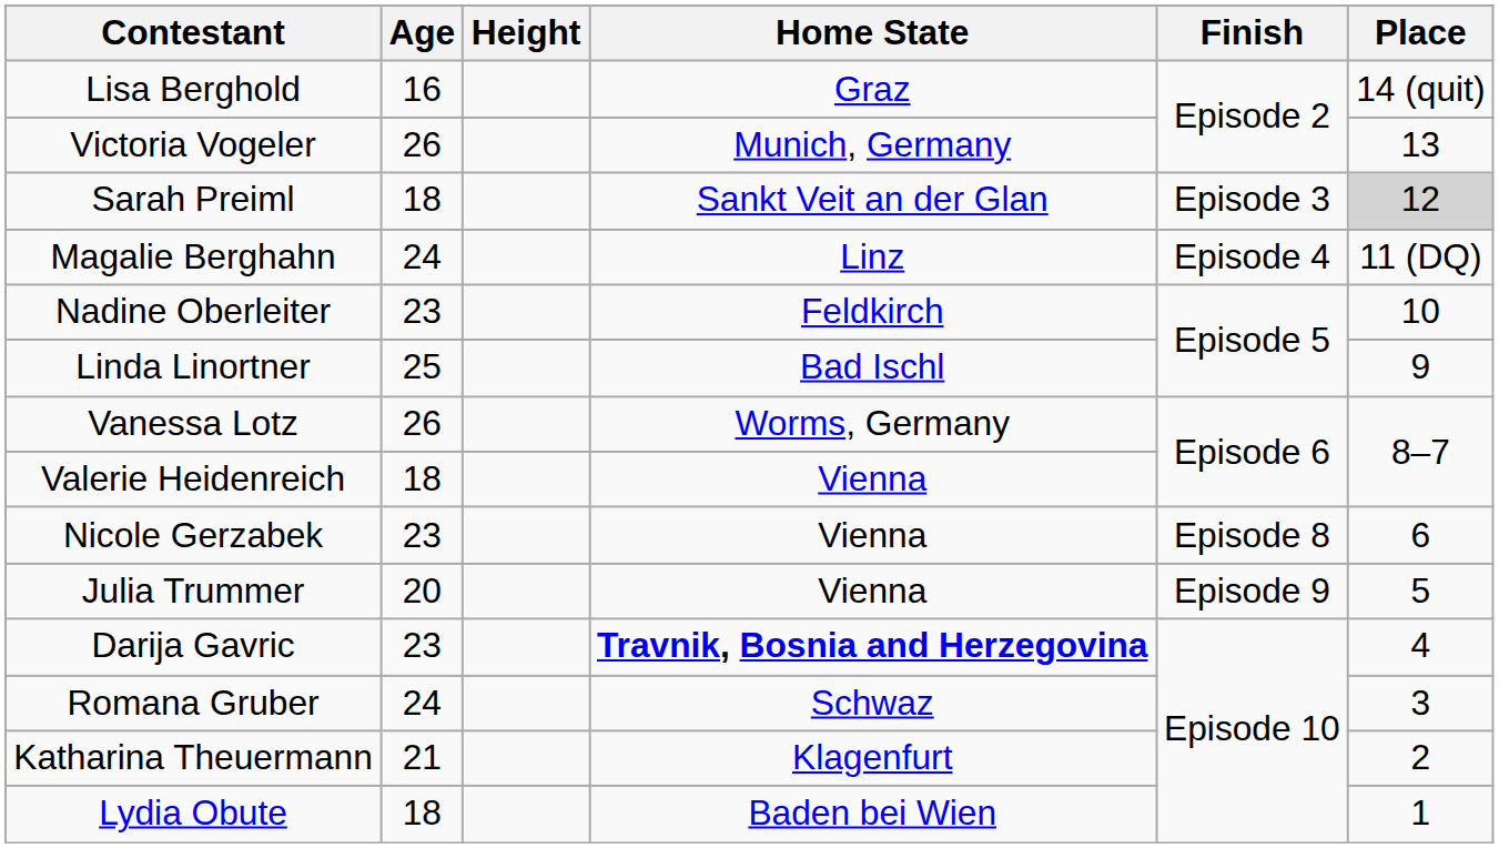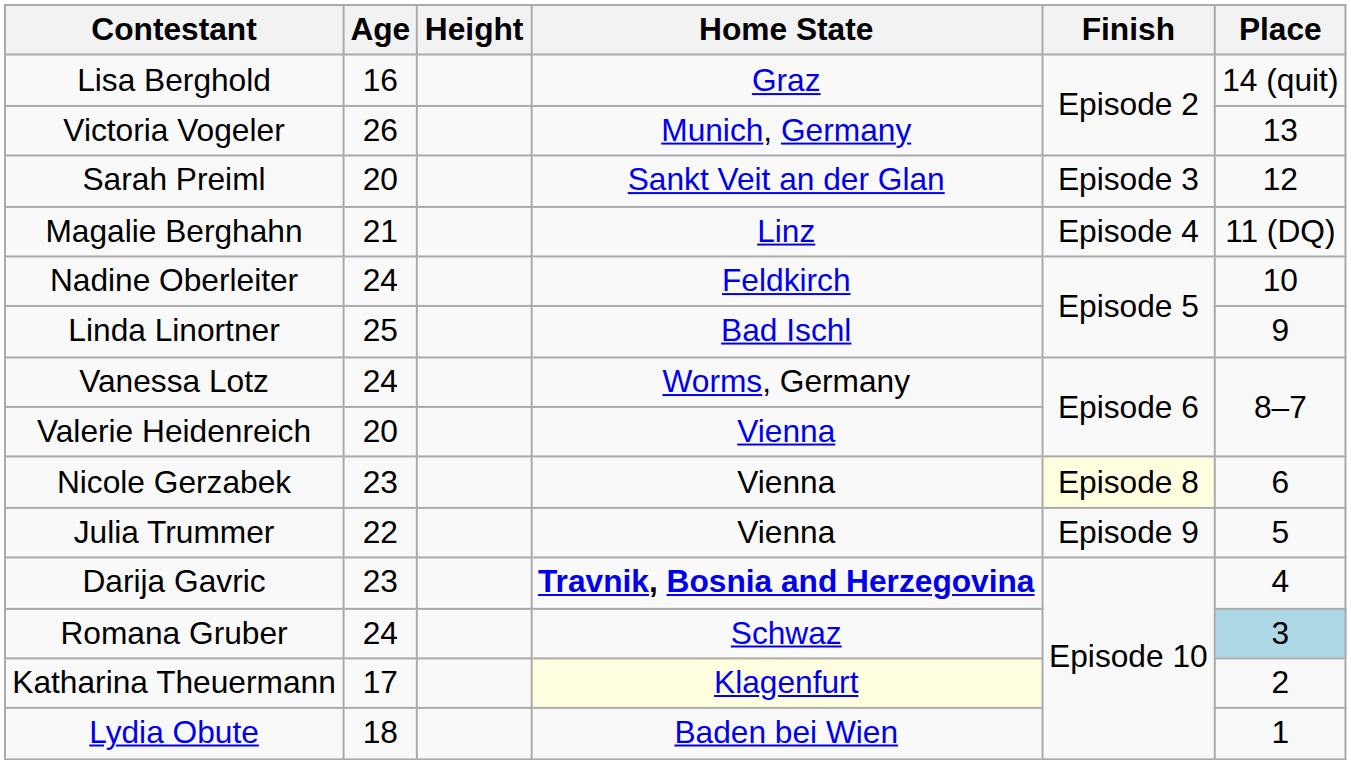 <table class="wikitable sortable" style="text-align:center;">
 <tr>
 <th>Contestant</th>
 <th>Age</th>
 <th>Height</th>
 <th>Home State</th>
 <th>Finish</th>
 <th>Place</th>
 </tr>
 <tr>
 <td>Lisa Berghold</td>
 <td>16</td>
 <td></td>
 <td><a href='#'>Graz</a></td>
 <td rowspan="2">Episode 2</td>
 <td>14 (quit)</td>
 </tr>
 <tr>
 <td>Victoria Vogeler</td>
 <td>26</td>
 <td></td>
 <td><a href='#'>Munich</a>, <a href='#'>Germany</a></td>
 <td>13</td>
 </tr>
 <tr>
 <td>Sarah Preiml</td>
-<td>18</td>
+<td>20</td>
 <td></td>
 <td><a href='#'>Sankt Veit an der Glan</a></td>
 <td>Episode 3</td>
-<td style="background: lightgrey;">12</td>
+<td>12</td>
 </tr>
 <tr>
 <td>Magalie Berghahn</td>
-<td>24</td>
+<td>21</td>
 <td></td>
 <td><a href='#'>Linz</a></td>
 <td>Episode 4</td>
 <td>11 (DQ)</td>
 </tr>
 <tr>
 <td>Nadine Oberleiter</td>
-<td>23</td>
+<td>24</td>
 <td></td>
 <td><a href='#'>Feldkirch</a></td>
 <td rowspan="2">Episode 5</td>
 <td>10</td>
 </tr>
 <tr>
 <td>Linda Linortner</td>
 <td>25</td>
 <td></td>
 <td><a href='#'>Bad Ischl</a></td>
 <td>9</td>
 </tr>
 <tr>
 <td>Vanessa Lotz</td>
-<td>26</td>
+<td>24</td>
 <td></td>
 <td><a href='#'>Worms</a>, Germany</td>
 <td rowspan="2">Episode 6</td>
 <td rowspan="2">8–7</td>
 </tr>
 <tr>
 <td>Valerie Heidenreich</td>
-<td>18</td>
+<td>20</td>
 <td></td>
 <td><a href='#'>Vienna</a></td>
 </tr>
 <tr>
 <td>Nicole Gerzabek</td>
 <td>23</td>
 <td></td>
 <td>Vienna</td>
-<td>Episode 8</td>
+<td style="background: lightyellow;">Episode 8</td>
 <td>6</td>
 </tr>
 <tr>
 <td>Julia Trummer</td>
-<td>20</td>
+<td>22</td>
 <td></td>
 <td>Vienna</td>
 <td>Episode 9</td>
 <td>5</td>
 </tr>
 <tr>
 <td>Darija Gavric</td>
 <td>23</td>
 <td></td>
 <td><strong><a href='#'>Travnik</a>, <a href='#'>Bosnia and Herzegovina</a></strong></td>
 <td rowspan="4">Episode 10</td>
 <td>4</td>
 </tr>
 <tr>
 <td>Romana Gruber</td>
 <td>24</td>
 <td></td>
 <td><a href='#'>Schwaz</a></td>
-<td>3</td>
+<td style="background: lightblue;">3</td>
 </tr>
 <tr>
 <td>Katharina Theuermann</td>
-<td>21</td>
+<td>17</td>
 <td></td>
-<td><a href='#'>Klagenfurt</a></td>
+<td style="background: lightyellow;"><a href='#'>Klagenfurt</a></td>
 <td>2</td>
 </tr>
 <tr>
 <td><a href='#'>Lydia Obute</a></td>
 <td>18</td>
 <td></td>
 <td><a href='#'>Baden bei Wien</a></td>
 <td>1</td>
 </tr>
 </table>
